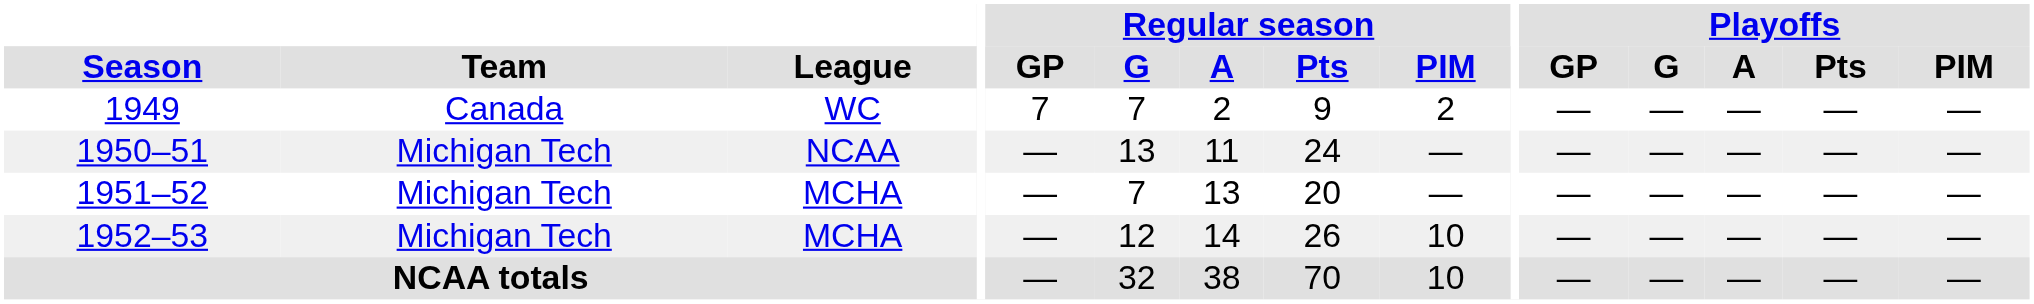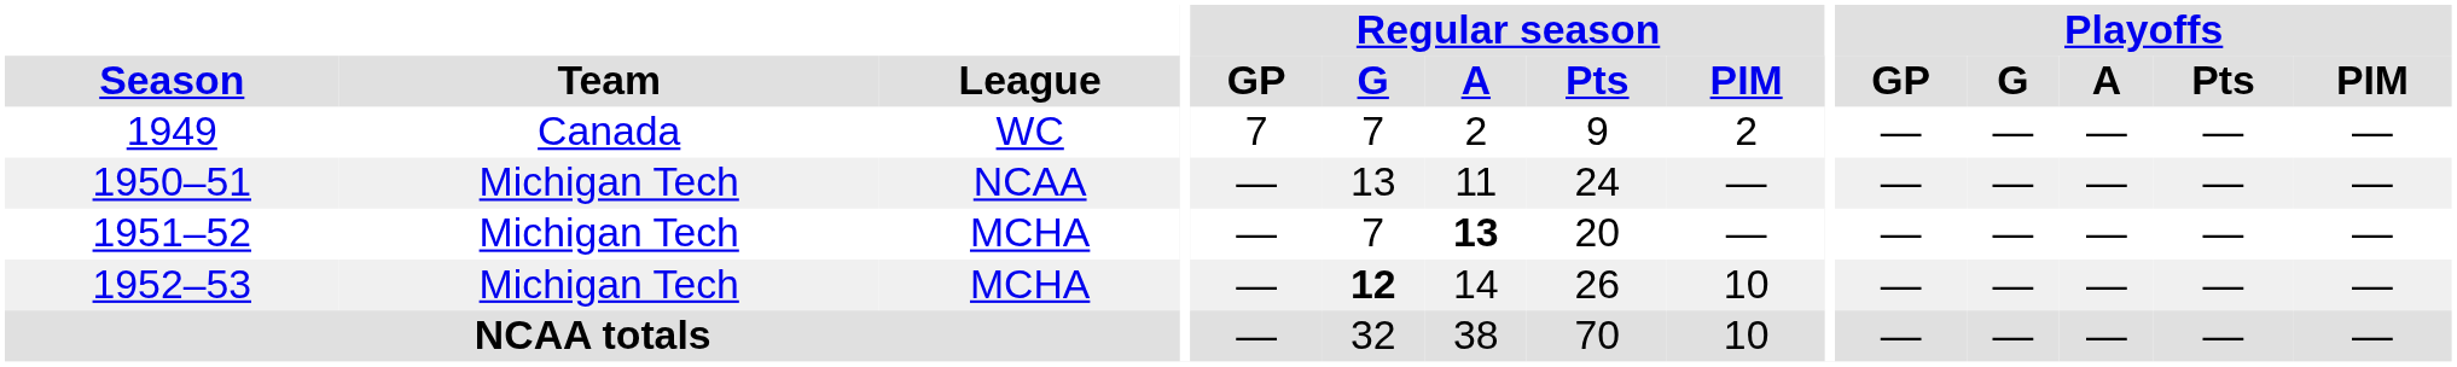 <table border="0" cellpadding="1" cellspacing="0" style="text-align:center; width:60em">
 <tr bgcolor="#e0e0e0">
 <th colspan="3" bgcolor="#ffffff"></th>
 <th rowspan="99" bgcolor="#ffffff"></th>
 <th colspan="5"><a href='#'>Regular season</a></th>
 <th rowspan="99" bgcolor="#ffffff"></th>
 <th colspan="5"><a href='#'>Playoffs</a></th>
 </tr>
 <tr bgcolor="#e0e0e0">
 <th><a href='#'>Season</a></th>
 <th>Team</th>
 <th>League</th>
 <th>GP</th>
 <th><a href='#'>G</a></th>
 <th><a href='#'>A</a></th>
 <th><a href='#'>Pts</a></th>
 <th><a href='#'>PIM</a></th>
 <th>GP</th>
 <th>G</th>
 <th>A</th>
 <th>Pts</th>
 <th>PIM</th>
 </tr>
 <tr>
 <td><a href='#'>1949</a></td>
 <td><a href='#'>Canada</a></td>
 <td><a href='#'>WC</a></td>
 <td>7</td>
 <td>7</td>
 <td>2</td>
 <td>9</td>
 <td>2</td>
 <td>—</td>
 <td>—</td>
 <td>—</td>
 <td>—</td>
 <td>—</td>
 </tr>
 <tr bgcolor="#f0f0f0">
 <td><a href='#'>1950–51</a></td>
 <td><a href='#'>Michigan Tech</a></td>
 <td><a href='#'>NCAA</a></td>
 <td>—</td>
 <td>13</td>
 <td>11</td>
 <td>24</td>
 <td>—</td>
 <td>—</td>
 <td>—</td>
 <td>—</td>
 <td>—</td>
 <td>—</td>
 </tr>
 <tr>
 <td><a href='#'>1951–52</a></td>
 <td><a href='#'>Michigan Tech</a></td>
 <td><a href='#'>MCHA</a></td>
 <td>—</td>
 <td>7</td>
-<td>13</td>
+<td><strong>13</strong></td>
 <td>20</td>
 <td>—</td>
 <td>—</td>
 <td>—</td>
 <td>—</td>
 <td>—</td>
 <td>—</td>
 </tr>
 <tr bgcolor="#f0f0f0">
 <td><a href='#'>1952–53</a></td>
 <td><a href='#'>Michigan Tech</a></td>
 <td><a href='#'>MCHA</a></td>
 <td>—</td>
-<td>12</td>
+<td><strong>12</strong></td>
 <td>14</td>
 <td>26</td>
 <td>10</td>
 <td>—</td>
 <td>—</td>
 <td>—</td>
 <td>—</td>
 <td>—</td>
 </tr>
 <tr bgcolor="#e0e0e0">
 <th colspan="3">NCAA totals</th>
 <td>—</td>
 <td>32</td>
 <td>38</td>
 <td>70</td>
 <td>10</td>
 <td>—</td>
 <td>—</td>
 <td>—</td>
 <td>—</td>
 <td>—</td>
 </tr>
 </table>
